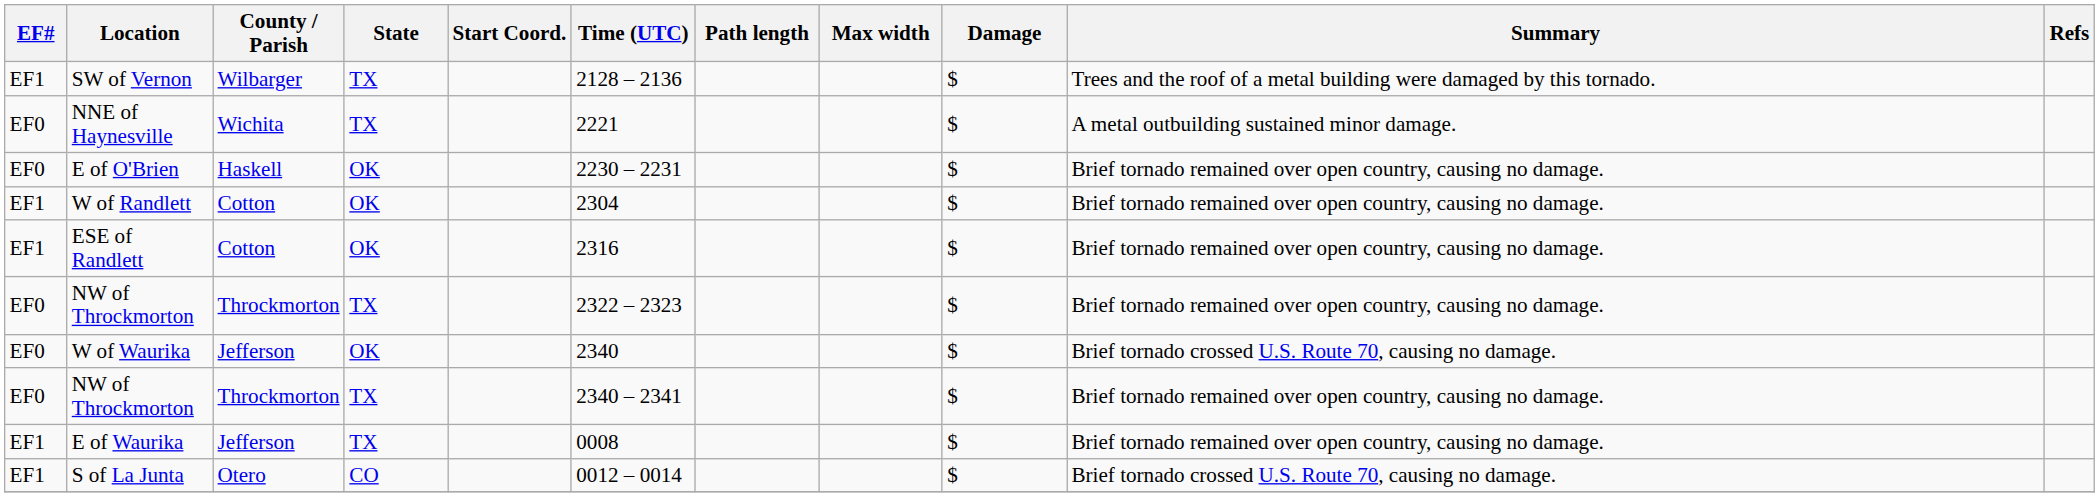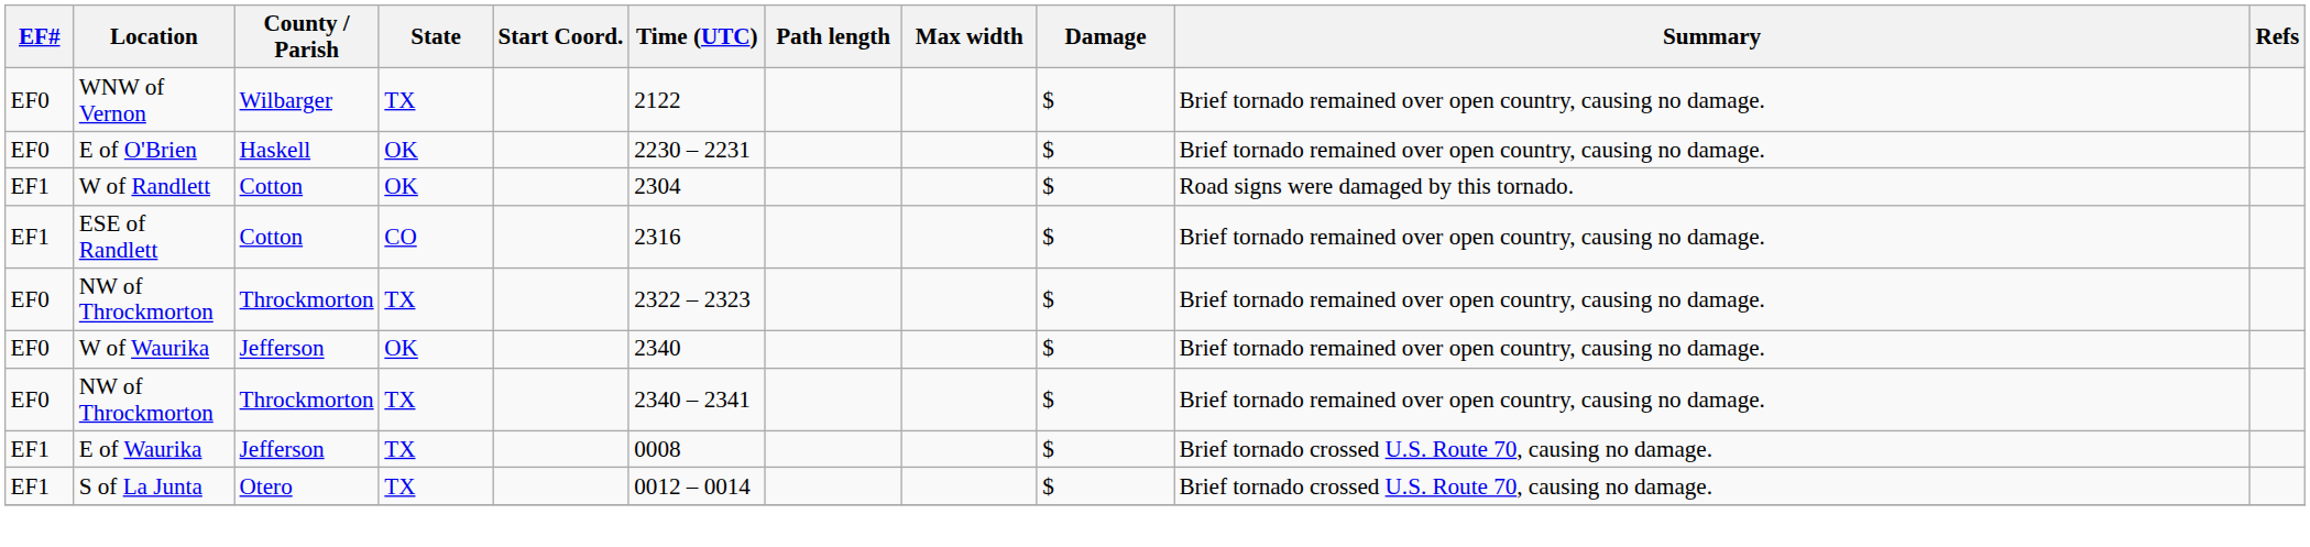 <table class="wikitable sortable" style="width:100%;">
 <tr>
 <th scope="col" width="3%" align="center"><a href='#'>EF#</a></th>
 <th scope="col" width="7%" align="center" class="unsortable">Location</th>
 <th scope="col" width="6%" align="center" class="unsortable">County / Parish</th>
 <th scope="col" width="5%" align="center">State</th>
 <th scope="col" width="6%" align="center">Start Coord.</th>
 <th scope="col" width="6%" align="center">Time (<a href='#'>UTC</a>)</th>
 <th scope="col" width="6%" align="center">Path length</th>
 <th scope="col" width="6%" align="center">Max width</th>
 <th scope="col" width="6%" align="center">Damage</th>
 <th scope="col" width="48%" class="unsortable" align="center">Summary</th>
 <th scope="col" width="48%" class="unsortable" align="center">Refs</th>
 </tr>
 <tr>
-<td>EF1</td>
-<td>SW of <a href='#'>Vernon</a></td>
+<td>EF0</td>
+<td>WNW of <a href='#'>Vernon</a></td>
 <td><a href='#'>Wilbarger</a></td>
 <td><a href='#'>TX</a></td>
 <td></td>
-<td>2128 – 2136</td>
+<td>2122</td>
 <td></td>
 <td></td>
 <td>$</td>
-<td>Trees and the roof of a metal building were damaged by this tornado.</td>
-<td></td>
-</tr>
-<tr>
-<td>EF0</td>
-<td>NNE of <a href='#'>Haynesville</a></td>
-<td><a href='#'>Wichita</a></td>
-<td><a href='#'>TX</a></td>
-<td></td>
-<td>2221</td>
-<td></td>
-<td></td>
-<td>$</td>
-<td>A metal outbuilding sustained minor damage.</td>
+<td>Brief tornado remained over open country, causing no damage.</td>
 <td></td>
 </tr>
 <tr>
 <td>EF0</td>
 <td>E of <a href='#'>O'Brien</a></td>
 <td><a href='#'>Haskell</a></td>
 <td><a href='#'>OK</a></td>
 <td></td>
 <td>2230 – 2231</td>
 <td></td>
 <td></td>
 <td>$</td>
 <td>Brief tornado remained over open country, causing no damage.</td>
 <td></td>
 </tr>
 <tr>
 <td>EF1</td>
 <td>W of <a href='#'>Randlett</a></td>
 <td><a href='#'>Cotton</a></td>
 <td><a href='#'>OK</a></td>
 <td></td>
 <td>2304</td>
 <td></td>
 <td></td>
 <td>$</td>
-<td>Brief tornado remained over open country, causing no damage.</td>
+<td>Road signs were damaged by this tornado.</td>
 <td></td>
 </tr>
 <tr>
 <td>EF1</td>
 <td>ESE of <a href='#'>Randlett</a></td>
 <td><a href='#'>Cotton</a></td>
-<td><a href='#'>OK</a></td>
+<td><a href='#'>CO</a></td>
 <td></td>
 <td>2316</td>
 <td></td>
 <td></td>
 <td>$</td>
 <td>Brief tornado remained over open country, causing no damage.</td>
 <td></td>
 </tr>
 <tr>
 <td>EF0</td>
 <td>NW of <a href='#'>Throckmorton</a></td>
 <td><a href='#'>Throckmorton</a></td>
 <td><a href='#'>TX</a></td>
 <td></td>
 <td>2322 – 2323</td>
 <td></td>
 <td></td>
 <td>$</td>
 <td>Brief tornado remained over open country, causing no damage.</td>
 <td></td>
 </tr>
 <tr>
 <td>EF0</td>
 <td>W of <a href='#'>Waurika</a></td>
 <td><a href='#'>Jefferson</a></td>
 <td><a href='#'>OK</a></td>
 <td></td>
 <td>2340</td>
 <td></td>
 <td></td>
 <td>$</td>
-<td>Brief tornado crossed <a href='#'>U.S. Route 70</a>, causing no damage.</td>
+<td>Brief tornado remained over open country, causing no damage.</td>
 <td></td>
 </tr>
 <tr>
 <td>EF0</td>
 <td>NW of <a href='#'>Throckmorton</a></td>
 <td><a href='#'>Throckmorton</a></td>
 <td><a href='#'>TX</a></td>
 <td></td>
 <td>2340 – 2341</td>
 <td></td>
 <td></td>
 <td>$</td>
 <td>Brief tornado remained over open country, causing no damage.</td>
 <td></td>
 </tr>
 <tr>
 <td>EF1</td>
 <td>E of <a href='#'>Waurika</a></td>
 <td><a href='#'>Jefferson</a></td>
 <td><a href='#'>TX</a></td>
 <td></td>
 <td>0008</td>
 <td></td>
 <td></td>
 <td>$</td>
-<td>Brief tornado remained over open country, causing no damage.</td>
+<td>Brief tornado crossed <a href='#'>U.S. Route 70</a>, causing no damage.</td>
 <td></td>
 </tr>
 <tr>
 <td>EF1</td>
 <td>S of <a href='#'>La Junta</a></td>
 <td><a href='#'>Otero</a></td>
-<td><a href='#'>CO</a></td>
+<td><a href='#'>TX</a></td>
 <td></td>
 <td>0012 – 0014</td>
 <td></td>
 <td></td>
 <td>$</td>
 <td>Brief tornado crossed <a href='#'>U.S. Route 70</a>, causing no damage.</td>
 <td></td>
 </tr>
 <tr>
 </tr>
 </table>
